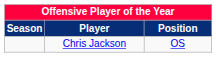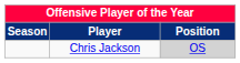 <table class="wikitable sortable" style="text-align:center">
 <tr>
 <td colspan="4" style="background:#FF003F; color:white;"><strong>Offensive Player of the Year</strong></td>
 </tr>
 <tr>
 <th style="width:50px; background:#072D77; color:white;">Season</th>
 <th style="width:150px; background:#072D77; color:white;">Player</th>
 <th style="width:100px; background:#072D77; color:white;">Position</th>
 </tr>
 <tr>
 <td></td>
 <td><a href='#'>Chris Jackson</a></td>
-<td><a href='#'>OS</a></td>
+<td style="background: lightgrey;"><a href='#'>OS</a></td>
 </tr>
 </table>
